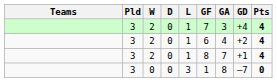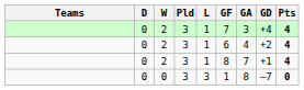 <table class="wikitable" style="text-align: center;">
 <tr>
 <th width=165>Teams</th>
+<th width=20>D</th>
+<th width=20>W</th>
 <th width=20>Pld</th>
-<th width=20>W</th>
-<th width=20>D</th>
 <th width=20>L</th>
 <th width=20>GF</th>
 <th width=20>GA</th>
 <th width=20>GD</th>
 <th width=20>Pts</th>
 </tr>
 <tr align=center style="background:#ccffcc;">
 <td style="text-align:left;"></td>
+<td>0</td>
+<td>2</td>
 <td>3</td>
-<td>2</td>
-<td>0</td>
 <td>1</td>
 <td>7</td>
 <td>3</td>
 <td>+4</td>
 <td><strong>4</strong></td>
 </tr>
 <tr align=center>
 <td style="text-align:left;"></td>
+<td>0</td>
+<td>2</td>
 <td>3</td>
-<td>2</td>
-<td>0</td>
 <td>1</td>
 <td>6</td>
 <td>4</td>
 <td>+2</td>
 <td><strong>4</strong></td>
 </tr>
 <tr align=center>
 <td style="text-align:left;"></td>
+<td>0</td>
+<td>2</td>
 <td>3</td>
-<td>2</td>
-<td>0</td>
 <td>1</td>
 <td>8</td>
 <td>7</td>
 <td>+1</td>
 <td><strong>4</strong></td>
 </tr>
 <tr align=center>
 <td style="text-align:left;"></td>
-<td>3</td>
 <td>0</td>
 <td>0</td>
+<td>3</td>
 <td>3</td>
 <td>1</td>
 <td>8</td>
 <td>–7</td>
 <td><strong>0</strong></td>
 </tr>
 </table>
